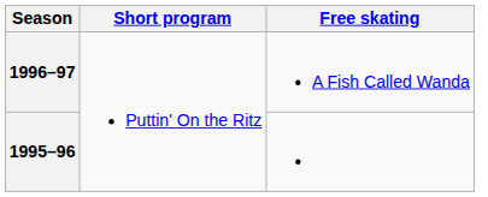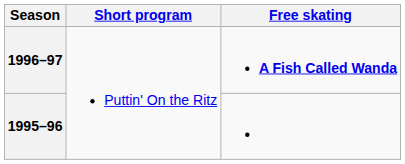 <table class=wikitable style=text-align:center>
 <tr>
 <th>Season</th>
 <th><a href='#'>Short program</a></th>
 <th><a href='#'>Free skating</a></th>
 </tr>
 <tr>
 <th>1996–97</th>
 <td rowspan=2><br><ul><li><a href='#'>Puttin' On the Ritz</a> <br></li></ul></td>
-<td><br><ul><li><a href='#'>A Fish Called Wanda</a> <br></li></ul></td>
+<td><strong><br><ul><li><a href='#'>A Fish Called Wanda</a> <br></li></ul></strong></td>
 </tr>
 <tr>
 <th>1995–96</th>
 <td><br><ul><li></li></ul></td>
 </tr>
 </table>
